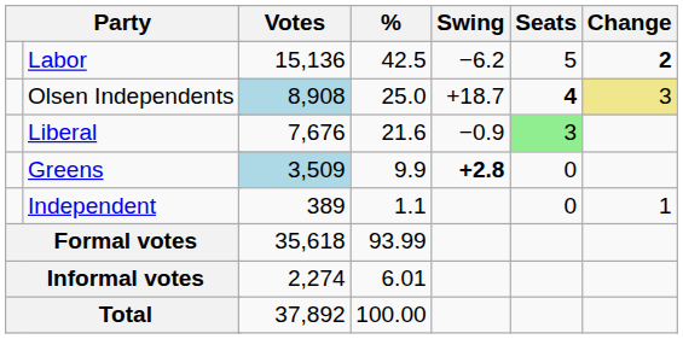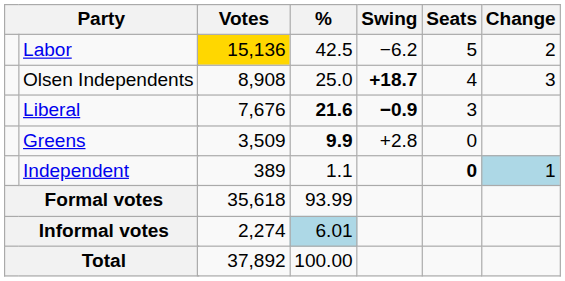 <table class="wikitable" style="text-align:right; margin-bottom:0">
 <tr>
 <th style="width:10px" colspan=3>Party</th>
 <th style="width:70px;">Votes</th>
 <th style="width:40px;">%</th>
 <th style="width:40px;">Swing</th>
 <th style="width:40px;">Seats</th>
 <th style="width:40px;">Change</th>
 </tr>
 <tr>
 <td> </td>
 <td style="text-align:left;" colspan="2"><a href='#'>Labor</a></td>
-<td>15,136</td>
+<td style="background: gold;">15,136</td>
 <td>42.5</td>
 <td>−6.2</td>
 <td>5</td>
-<td><strong> 2</strong></td>
+<td> 2</td>
 </tr>
 <tr>
 <td> </td>
 <td style="text-align:left;" colspan="2">Olsen Independents</td>
-<td style="background: lightblue;">8,908</td>
+<td>8,908</td>
 <td>25.0</td>
-<td>+18.7</td>
-<td><strong>4</strong></td>
-<td style="background: khaki;"> 3</td>
+<td><strong>+18.7</strong></td>
+<td>4</td>
+<td> 3</td>
 </tr>
 <tr>
 <td> </td>
 <td style="text-align:left;" colspan="2"><a href='#'>Liberal</a></td>
 <td>7,676</td>
-<td>21.6</td>
-<td>−0.9</td>
-<td style="background: lightgreen;">3</td>
+<td><strong>21.6</strong></td>
+<td><strong>−0.9</strong></td>
+<td>3</td>
 <td></td>
 </tr>
 <tr>
 <td> </td>
 <td style="text-align:left;" colspan="2"><a href='#'>Greens</a></td>
-<td style="background: lightblue;">3,509</td>
-<td>9.9</td>
-<td><strong>+2.8</strong></td>
+<td>3,509</td>
+<td><strong>9.9</strong></td>
+<td>+2.8</td>
 <td>0</td>
 <td></td>
 </tr>
 <tr>
 <td> </td>
 <td style="text-align:left;" colspan="2"><a href='#'>Independent</a></td>
 <td>389</td>
 <td>1.1</td>
 <td></td>
-<td>0</td>
-<td> 1</td>
+<td><strong>0</strong></td>
+<td style="background: lightblue;"> 1</td>
 </tr>
 <tr>
 <th colspan="3" rowspan="1"> Formal votes</th>
 <td>35,618</td>
 <td>93.99</td>
 <td></td>
 <td></td>
 <td></td>
 </tr>
 <tr>
 <th colspan="3" rowspan="1"> Informal votes</th>
 <td>2,274</td>
-<td>6.01</td>
+<td style="background: lightblue;">6.01</td>
 <td></td>
 <td></td>
 <td></td>
 </tr>
 <tr>
 <th colspan="3" rowspan="1"> <strong>Total </strong></th>
 <td>37,892</td>
 <td>100.00</td>
 <td></td>
 <td></td>
 <td></td>
 </tr>
 </table>
